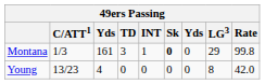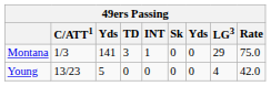 <table class="wikitable">
 <tr>
 <th colspan="9">49ers Passing</th>
 </tr>
 <tr>
 <th></th>
 <th>C/ATT<sup>1</sup></th>
 <th>Yds</th>
 <th>TD</th>
 <th>INT</th>
 <th>Sk</th>
 <th>Yds</th>
 <th>LG<sup>3</sup></th>
 <th>Rate</th>
 </tr>
 <tr>
 <td><a href='#'>Montana</a></td>
 <td>1/3</td>
-<td>161</td>
+<td>141</td>
 <td>3</td>
 <td>1</td>
-<td><strong>0</strong></td>
+<td>0</td>
 <td>0</td>
 <td>29</td>
-<td>99.8</td>
+<td>75.0</td>
 </tr>
 <tr>
 <td><a href='#'>Young</a></td>
 <td>13/23</td>
-<td>4</td>
+<td>5</td>
 <td>0</td>
 <td>0</td>
 <td>0</td>
 <td>0</td>
-<td>8</td>
+<td>4</td>
 <td>42.0</td>
 </tr>
 </table>
